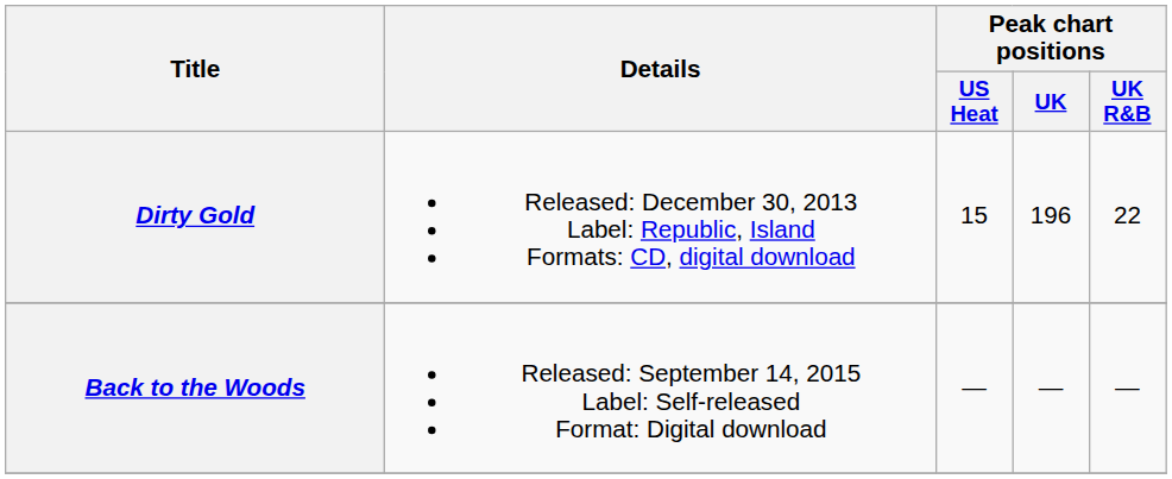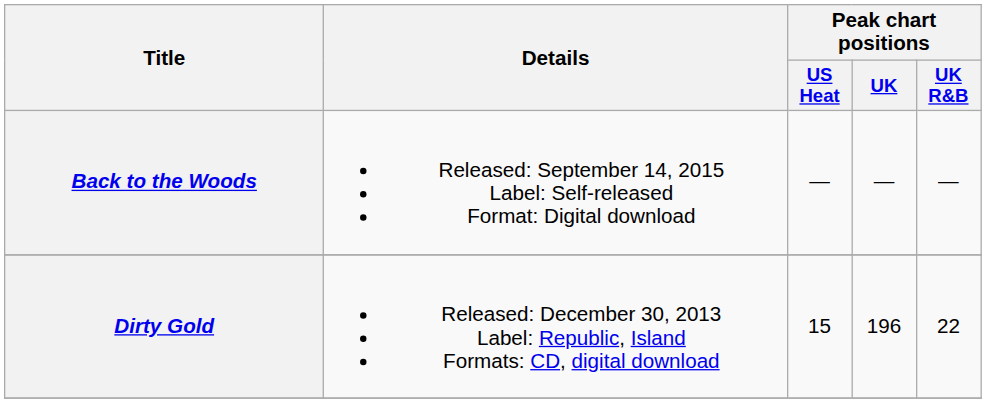 <table class="wikitable plainrowheaders" style="text-align:center;">
 <tr>
 <th scope="col" rowspan="2" style="width:15em;">Title</th>
 <th scope="col" rowspan="2" style="width:22em;">Details</th>
 <th scope="col" colspan="3">Peak chart positions</th>
 </tr>
 <tr>
 <th scope="col" style="width:3em;font-size:90%;"><a href='#'>US Heat</a><br></th>
 <th scope="col" style="width:3em;font-size:90%;"><a href='#'>UK</a><br></th>
 <th scope="col" style="width:3em;font-size:90%;"><a href='#'>UK<br>R&B</a><br></th>
 </tr>
 <tr>
+<th scope="row"><em><a href='#'>Back to the Woods</a></em></th>
+<td><br><ul><li>Released: September 14, 2015</li><li>Label: Self-released</li><li>Format: Digital download</li></ul></td>
+<td>—</td>
+<td>—</td>
+<td>—</td>
+</tr>
+<tr>
+</tr>
+<tr>
 <th scope="row"><em><a href='#'>Dirty Gold</a></em></th>
 <td><br><ul><li>Released: December 30, 2013</li><li>Label: <a href='#'>Republic</a>, <a href='#'>Island</a></li><li>Formats: <a href='#'>CD</a>, <a href='#'>digital download</a></li></ul></td>
 <td>15</td>
 <td>196</td>
 <td>22</td>
 </tr>
 <tr>
 </tr>
-<tr>
-<th scope="row"><em><a href='#'>Back to the Woods</a></em></th>
-<td><br><ul><li>Released: September 14, 2015</li><li>Label: Self-released</li><li>Format: Digital download</li></ul></td>
-<td>—</td>
-<td>—</td>
-<td>—</td>
-</tr>
-<tr>
-</tr>
 </table>
